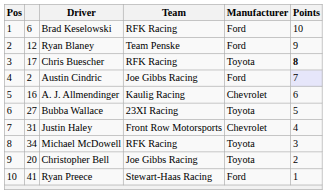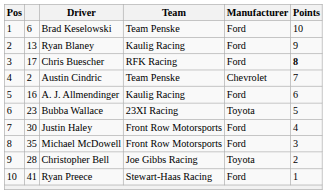 <table class="wikitable" style="font-size:98%">
 <tr>
 <th>Pos</th>
 <th></th>
 <th>Driver</th>
 <th>Team</th>
 <th>Manufacturer</th>
 <th>Points</th>
 </tr>
 <tr>
 <td>1</td>
 <td>6</td>
 <td>Brad Keselowski</td>
-<td>RFK Racing</td>
+<td>Team Penske</td>
 <td>Ford</td>
 <td>10</td>
 </tr>
 <tr>
 <td>2</td>
-<td>12</td>
+<td>13</td>
 <td>Ryan Blaney</td>
-<td>Team Penske</td>
+<td>Kaulig Racing</td>
 <td>Ford</td>
 <td>9</td>
 </tr>
 <tr>
 <td>3</td>
 <td>17</td>
 <td>Chris Buescher</td>
 <td>RFK Racing</td>
-<td>Toyota</td>
+<td>Ford</td>
 <td><strong>8</strong></td>
 </tr>
 <tr>
 <td>4</td>
 <td>2</td>
 <td>Austin Cindric</td>
-<td>Joe Gibbs Racing</td>
-<td>Ford</td>
-<td style="background: lavender;">7</td>
+<td>Team Penske</td>
+<td>Chevrolet</td>
+<td>7</td>
 </tr>
 <tr>
 <td>5</td>
 <td>16</td>
 <td>A. J. Allmendinger</td>
 <td>Kaulig Racing</td>
-<td>Chevrolet</td>
+<td>Ford</td>
 <td>6</td>
 </tr>
 <tr>
 <td>6</td>
-<td>27</td>
+<td>23</td>
 <td>Bubba Wallace</td>
 <td>23XI Racing</td>
 <td>Toyota</td>
 <td>5</td>
 </tr>
 <tr>
 <td>7</td>
-<td>31</td>
+<td>30</td>
 <td>Justin Haley</td>
 <td>Front Row Motorsports</td>
-<td>Chevrolet</td>
+<td>Ford</td>
 <td>4</td>
 </tr>
 <tr>
 <td>8</td>
-<td>34</td>
+<td>35</td>
 <td>Michael McDowell</td>
-<td>RFK Racing</td>
-<td>Toyota</td>
+<td>Front Row Motorsports</td>
+<td>Ford</td>
 <td>3</td>
 </tr>
 <tr>
 <td>9</td>
-<td>20</td>
+<td>28</td>
 <td>Christopher Bell</td>
 <td>Joe Gibbs Racing</td>
 <td>Toyota</td>
 <td>2</td>
 </tr>
 <tr>
 <td>10</td>
 <td>41</td>
 <td>Ryan Preece</td>
 <td>Stewart-Haas Racing</td>
 <td>Ford</td>
 <td>1</td>
 </tr>
 <tr>
 <th colspan="6"></th>
 </tr>
 </table>
